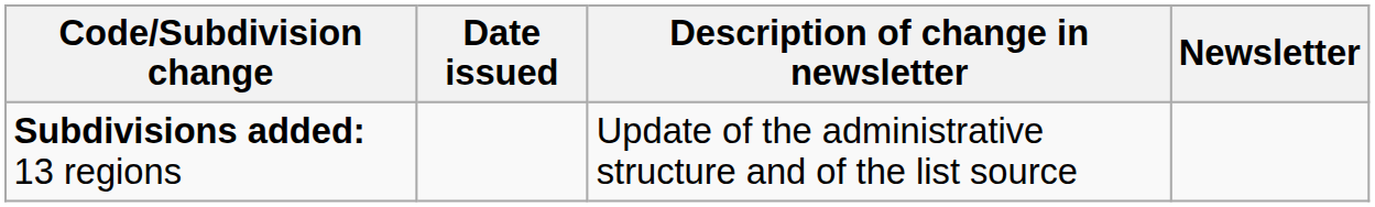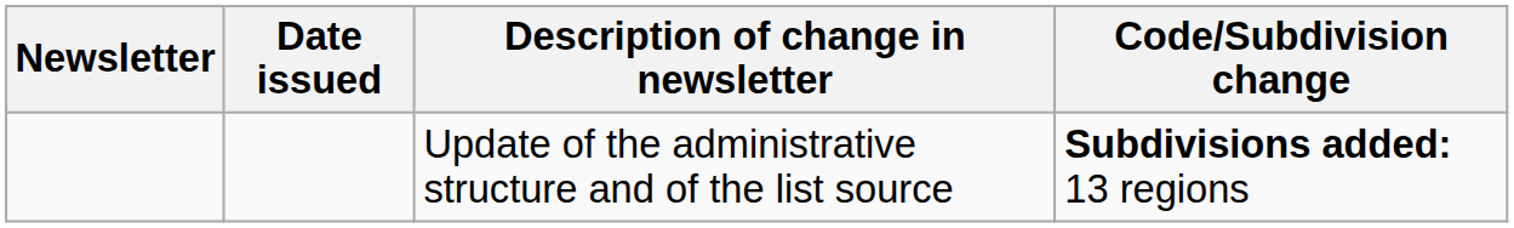 <table class="wikitable">
 <tr>
-<th>Code/Subdivision change</th>
+<th>Newsletter</th>
 <th>Date issued</th>
 <th>Description of change in newsletter</th>
-<th>Newsletter</th>
+<th>Code/Subdivision change</th>
 </tr>
 <tr>
-<td style=white-space:nowrap><strong>Subdivisions added:</strong><br> 13 regions</td>
+<td id="II-2"></td>
 <td></td>
 <td>Update of the administrative structure and of the list source</td>
-<td id="II-2"></td>
+<td style=white-space:nowrap><strong>Subdivisions added:</strong><br> 13 regions</td>
 </tr>
 </table>
